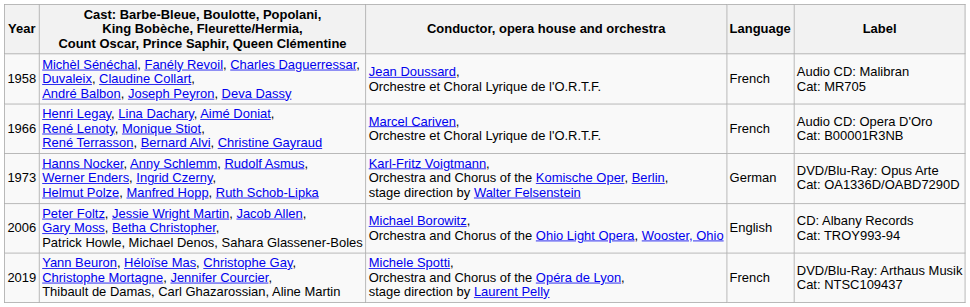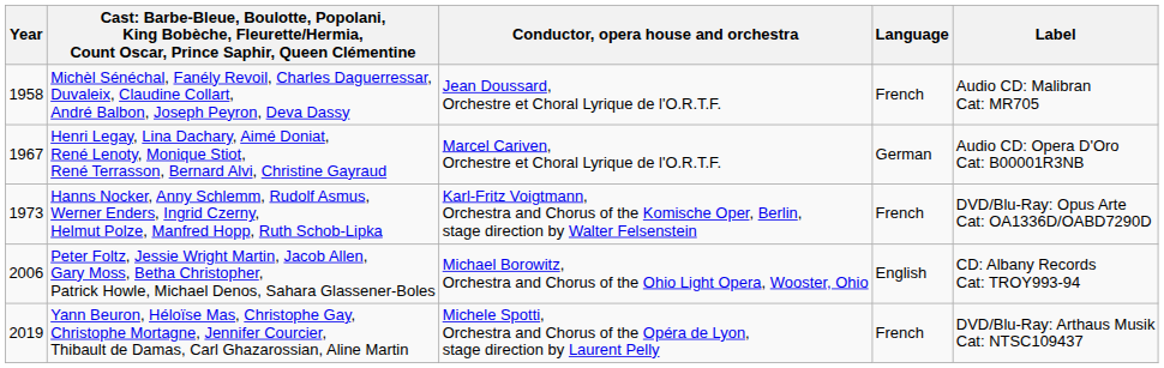 <table class="wikitable">
 <tr>
 <th>Year</th>
 <th>Cast: Barbe-Bleue, Boulotte, Popolani,<br>King Bobèche, Fleurette/Hermia,<br>Count Oscar, Prince Saphir, Queen Clémentine</th>
 <th>Conductor, opera house and orchestra</th>
 <th>Language</th>
 <th>Label</th>
 </tr>
 <tr>
 <td>1958</td>
 <td><a href='#'>Michèl Sénéchal</a>, <a href='#'>Fanély Revoil</a>, <a href='#'>Charles Daguerressar</a>,<br><a href='#'>Duvaleix</a>, <a href='#'>Claudine Collart</a>,<br><a href='#'>André Balbon</a>, <a href='#'>Joseph Peyron</a>, <a href='#'>Deva Dassy</a></td>
 <td><a href='#'>Jean Doussard</a>,<br>Orchestre et Choral Lyrique de l'O.R.T.F.</td>
 <td>French</td>
 <td>Audio CD: Malibran<br>Cat: MR705</td>
 </tr>
 <tr>
-<td>1966</td>
+<td>1967</td>
 <td><a href='#'>Henri Legay</a>, <a href='#'>Lina Dachary</a>, <a href='#'>Aimé Doniat</a>,<br><a href='#'>René Lenoty</a>, <a href='#'>Monique Stiot</a>,<br><a href='#'>René Terrasson</a>, <a href='#'>Bernard Alvi</a>, <a href='#'>Christine Gayraud</a></td>
 <td><a href='#'>Marcel Cariven</a>,<br>Orchestre et Choral Lyrique de l'O.R.T.F.</td>
-<td>French</td>
+<td>German</td>
 <td>Audio CD: Opera D'Oro<br>Cat: B00001R3NB</td>
 </tr>
 <tr>
 <td>1973</td>
 <td><a href='#'>Hanns Nocker</a>, <a href='#'>Anny Schlemm</a>, <a href='#'>Rudolf Asmus</a>,<br><a href='#'>Werner Enders</a>, <a href='#'>Ingrid Czerny</a>,<br><a href='#'>Helmut Polze</a>, <a href='#'>Manfred Hopp</a>, <a href='#'>Ruth Schob-Lipka</a></td>
 <td><a href='#'>Karl-Fritz Voigtmann</a>,<br>Orchestra and Chorus of the <a href='#'>Komische Oper</a>, <a href='#'>Berlin</a>,<br>stage direction by <a href='#'>Walter Felsenstein</a></td>
-<td>German</td>
+<td>French</td>
 <td>DVD/Blu-Ray: Opus Arte<br>Cat: OA1336D/OABD7290D</td>
 </tr>
 <tr>
 <td>2006</td>
 <td><a href='#'>Peter Foltz</a>, <a href='#'>Jessie Wright Martin</a>, <a href='#'>Jacob Allen</a>,<br><a href='#'>Gary Moss</a>, <a href='#'>Betha Christopher</a>,<br>Patrick Howle, Michael Denos, Sahara Glassener-Boles</td>
 <td><a href='#'>Michael Borowitz</a>,<br>Orchestra and Chorus of the <a href='#'>Ohio Light Opera</a>, <a href='#'>Wooster, Ohio</a></td>
 <td>English</td>
 <td>CD: Albany Records<br>Cat: TROY993-94</td>
 </tr>
 <tr>
 <td>2019</td>
 <td><a href='#'>Yann Beuron</a>, <a href='#'>Héloïse Mas</a>, <a href='#'>Christophe Gay</a>,<br><a href='#'>Christophe Mortagne</a>, <a href='#'>Jennifer Courcier</a>,<br>Thibault de Damas, Carl Ghazarossian, Aline Martin</td>
 <td><a href='#'>Michele Spotti</a>,<br>Orchestra and Chorus of the <a href='#'>Opéra de Lyon</a>,<br>stage direction by <a href='#'>Laurent Pelly</a></td>
 <td>French</td>
 <td>DVD/Blu-Ray: Arthaus Musik<br>Cat: NTSC109437</td>
 </tr>
 </table>
